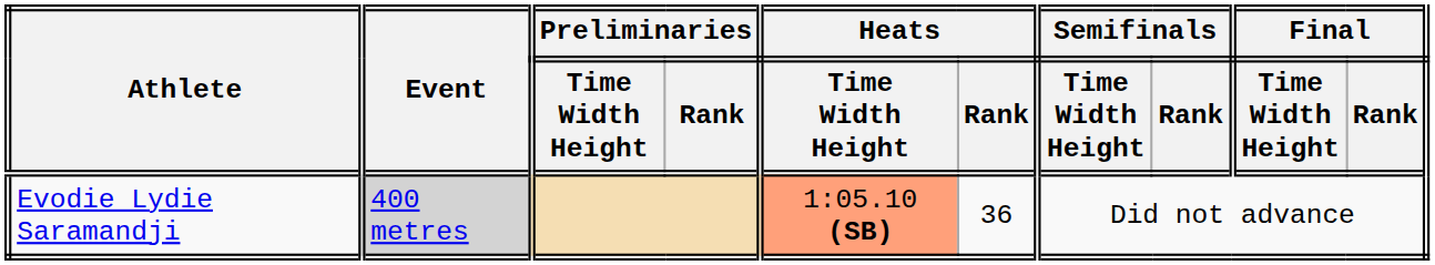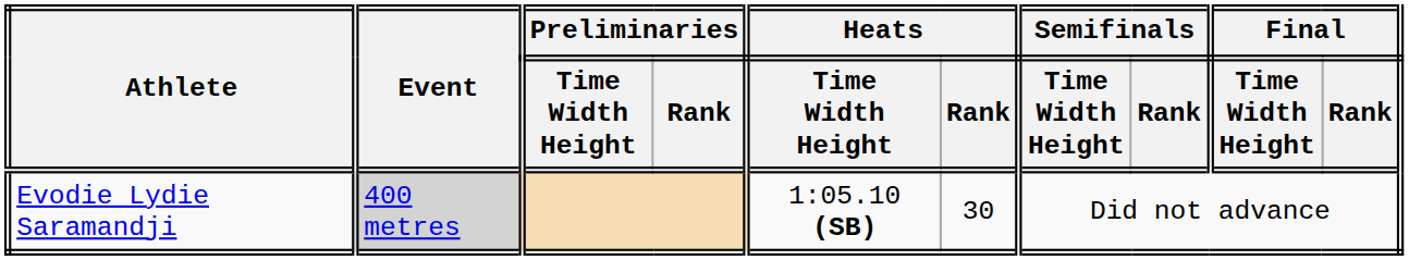 <table class=wikitable style="font-size:90%; border: double;">
 <tr>
 <th rowspan="2" style="border-right:double">Athlete</th>
 <th rowspan="2" style="border-right:double">Event</th>
 <th colspan="2" style="border-right:double; border-bottom:double;">Preliminaries</th>
 <th colspan="2" style="border-right:double; border-bottom:double;">Heats</th>
 <th colspan="2" style="border-right:double; border-bottom:double;">Semifinals</th>
 <th colspan="2" style="border-right:double; border-bottom:double;">Final</th>
 </tr>
 <tr>
 <th>Time<br>Width<br>Height</th>
 <th style="border-right:double">Rank</th>
 <th>Time<br>Width<br>Height</th>
 <th style="border-right:double">Rank</th>
 <th>Time<br>Width<br>Height</th>
 <th style="border-right:double">Rank</th>
 <th>Time<br>Width<br>Height</th>
 <th style="border-right:double">Rank</th>
 </tr>
 <tr style="border-top: double;">
 <td style="border-right:double"><a href='#'>Evodie Lydie Saramandji</a></td>
 <td style="background: lightgrey; border-right:double"><a href='#'>400 metres</a></td>
 <td style="border-right:double" colspan= 2 bgcolor="wheat"></td>
-<td align=center style="background: lightsalmon;">1:05.10 <strong>(SB)</strong></td>
-<td align=center style="border-right:double">36</td>
+<td align=center>1:05.10 <strong>(SB)</strong></td>
+<td align=center style="border-right:double">30</td>
 <td colspan="4" align=center>Did not advance</td>
 </tr>
 </table>
